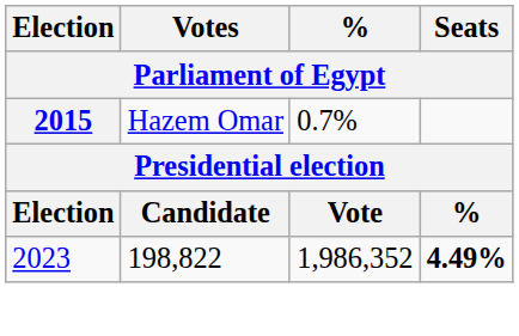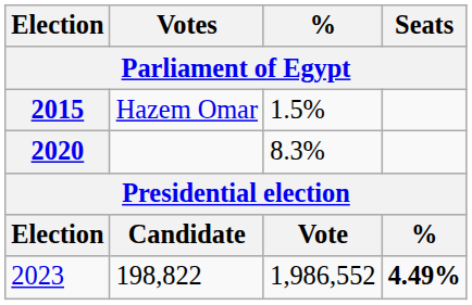 <table class="wikitable style=text-align:center">
 <tr>
 <th>Election</th>
 <th>Votes</th>
 <th>%</th>
 <th>Seats</th>
 </tr>
 <tr>
 <th colspan=4><a href='#'>Parliament of Egypt</a></th>
 </tr>
 <tr>
 <th><a href='#'>2015</a></th>
 <td><a href='#'>Hazem Omar</a></td>
-<td>0.7%</td>
+<td>1.5%</td>
+<td></td>
+</tr>
+<tr>
+<th><a href='#'>2020</a></th>
+<td></td>
+<td>8.3%</td>
 <td></td>
 </tr>
 <tr>
 <th colspan="4"><a href='#'>Presidential election</a></th>
 </tr>
 <tr>
 <th>Election</th>
 <th>Candidate</th>
 <th>Vote</th>
 <th>%</th>
 </tr>
 <tr>
 <td><a href='#'>2023</a></td>
 <td>198,822</td>
-<td>1,986,352</td>
+<td>1,986,552</td>
 <td><strong>4.49%</strong></td>
 </tr>
 </table>
